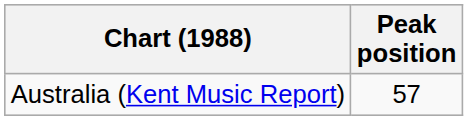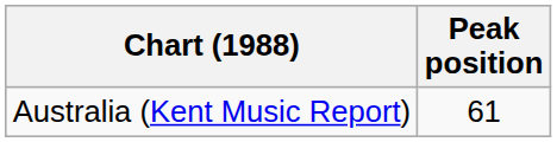 <table class="wikitable">
 <tr>
 <th scope="col">Chart (1988)</th>
 <th>Peak<br>position</th>
 </tr>
 <tr>
 <td>Australia (<a href='#'>Kent Music Report</a>)</td>
-<td style="text-align:center;">57</td>
+<td style="text-align:center;">61</td>
 </tr>
 </table>
